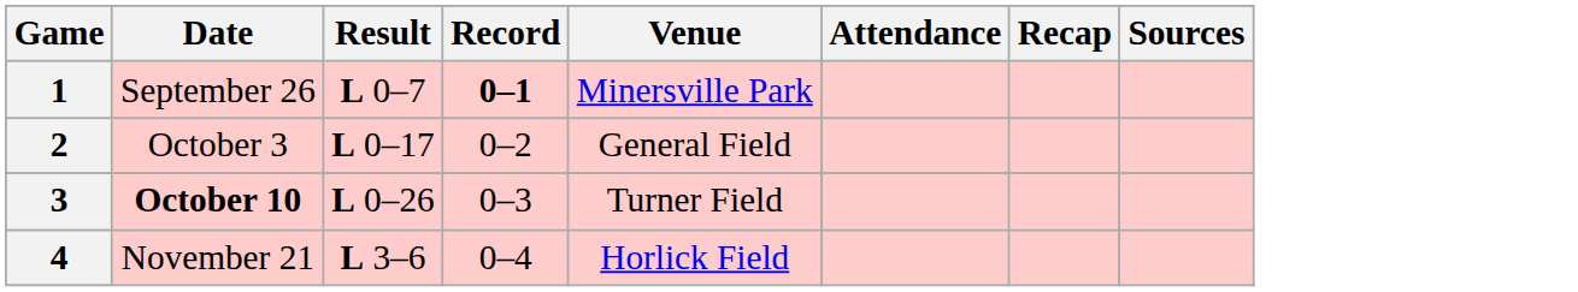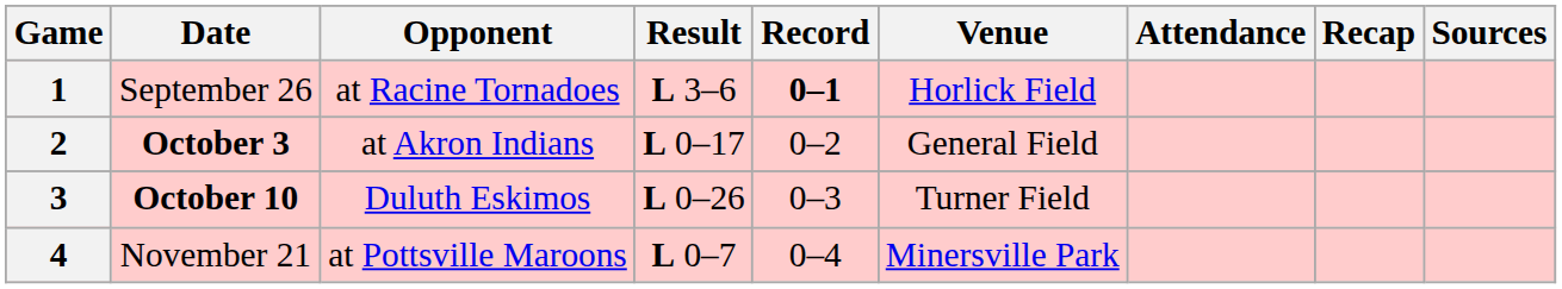 <table class="wikitable" style="text-align:center">
 <tr>
 <th>Game</th>
 <th>Date</th>
+<th>Opponent</th>
 <th>Result</th>
 <th>Record</th>
 <th>Venue</th>
 <th>Attendance</th>
 <th>Recap</th>
 <th>Sources</th>
 </tr>
 <tr style="background:#fcc">
 <th>1</th>
 <td>September 26</td>
-<td><strong>L</strong> 0–7</td>
+<td>at <a href='#'>Racine Tornadoes</a></td>
+<td><strong>L</strong> 3–6</td>
 <td><strong>0–1</strong></td>
-<td><a href='#'>Minersville Park</a></td>
+<td><a href='#'>Horlick Field</a></td>
 <td></td>
 <td></td>
 <td></td>
 </tr>
 <tr style="background:#fcc">
 <th>2</th>
-<td>October 3</td>
+<td><strong>October 3</strong></td>
+<td>at <a href='#'>Akron Indians</a></td>
 <td><strong>L</strong> 0–17</td>
 <td>0–2</td>
 <td>General Field</td>
 <td></td>
 <td></td>
 <td></td>
 </tr>
 <tr style="background:#fcc">
 <th>3</th>
 <td><strong>October 10</strong></td>
+<td><a href='#'>Duluth Eskimos</a></td>
 <td><strong>L</strong> 0–26</td>
 <td>0–3</td>
 <td>Turner Field</td>
 <td></td>
 <td></td>
 <td></td>
 </tr>
 <tr style="background:#fcc">
 <th>4</th>
 <td>November 21</td>
-<td><strong>L</strong> 3–6</td>
+<td>at <a href='#'>Pottsville Maroons</a></td>
+<td><strong>L</strong> 0–7</td>
 <td>0–4</td>
-<td><a href='#'>Horlick Field</a></td>
+<td><a href='#'>Minersville Park</a></td>
 <td></td>
 <td></td>
 <td></td>
 </tr>
 </table>
